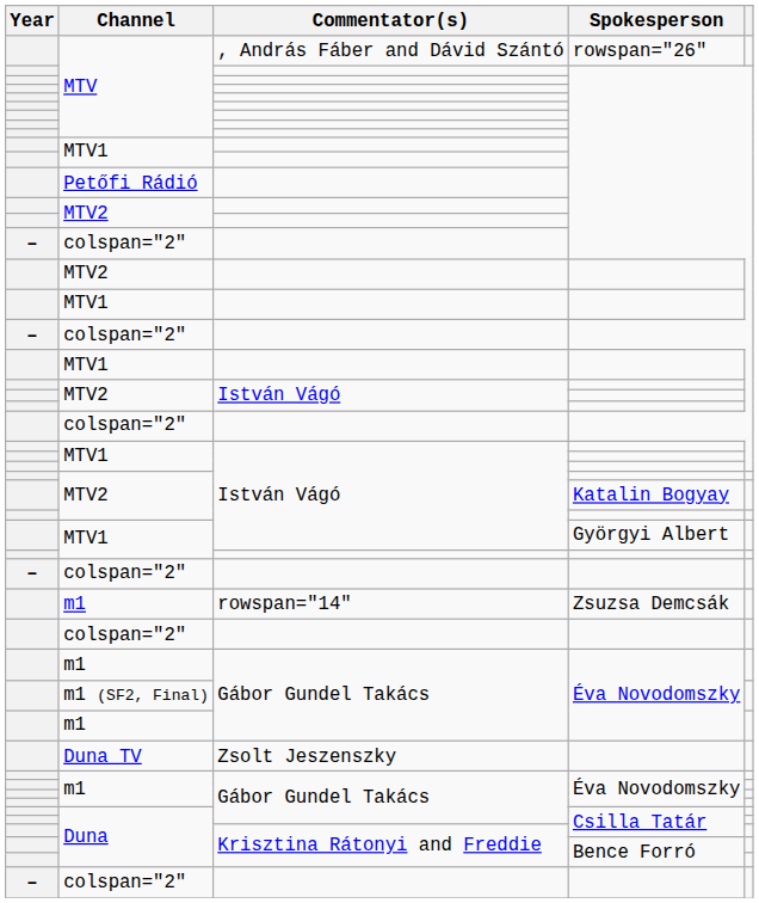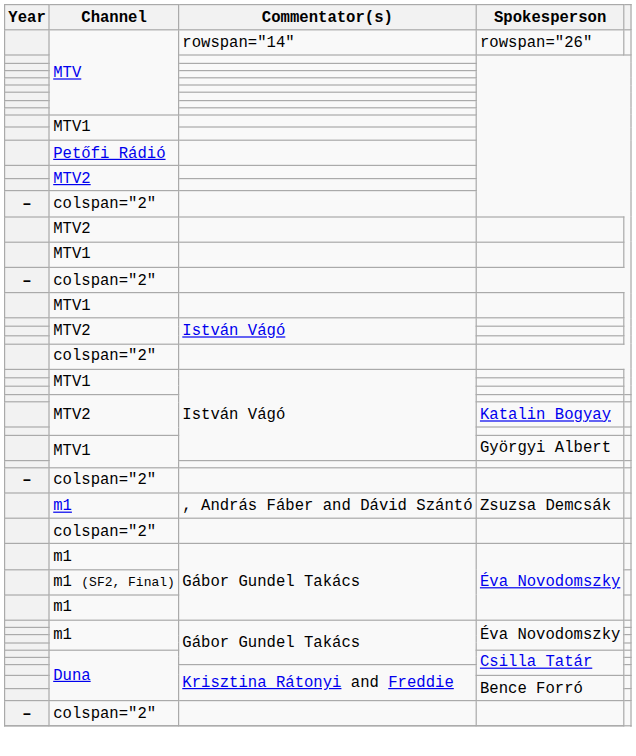 <table class="wikitable plainrowheaders sticky-header">
 <tr>
 <th>Year</th>
 <th>Channel</th>
 <th>Commentator(s)</th>
 <th>Spokesperson</th>
 <th class="unsortable"></th>
 </tr>
 <tr>
 <th scope="row"></th>
 <td rowspan="9"><a href='#'>MTV</a></td>
-<td>, András Fáber and Dávid Szántó</td>
+<td>rowspan="14" </td>
 <td>rowspan="26" </td>
 <td style="text-align:center"></td>
 </tr>
 <tr>
 <th scope="row"></th>
 <td style="text-align:center"></td>
 </tr>
 <tr>
 <th scope="row"></th>
 <td style="text-align:center"></td>
 </tr>
 <tr>
 <th scope="row"></th>
 <td style="text-align:center"></td>
 </tr>
 <tr>
 <th scope="row"></th>
 <td style="text-align:center"></td>
 </tr>
 <tr>
 <th scope="row"></th>
 <td style="text-align:center"></td>
 </tr>
 <tr>
 <th scope="row"></th>
 <td style="text-align:center"></td>
 </tr>
 <tr>
 <th scope="row"></th>
 <td style="text-align:center"></td>
 </tr>
 <tr>
 <th scope="row"></th>
 <td style="text-align:center"></td>
 </tr>
 <tr>
 <th scope="row"></th>
 <td rowspan="2">MTV1</td>
 <td style="text-align:center"></td>
 </tr>
 <tr>
 <th scope="row"></th>
 <td style="text-align:center"></td>
 </tr>
 <tr>
 <th scope="row"></th>
 <td><a href='#'>Petőfi Rádió</a></td>
 <td style="text-align:center"></td>
 </tr>
 <tr>
 <th scope="row"></th>
 <td rowspan="2"><a href='#'>MTV2</a></td>
 <td style="text-align:center"></td>
 </tr>
 <tr>
 <th scope="row"></th>
 <td style="text-align:center"></td>
 </tr>
 <tr>
 <th scope="row">–</th>
 <td>colspan="2" </td>
 <td></td>
 </tr>
 <tr>
 <th scope="row"></th>
 <td>MTV2</td>
 <td></td>
 <td style="text-align:center"></td>
 </tr>
 <tr>
 <th scope="row"></th>
 <td>MTV1</td>
 <td></td>
 <td style="text-align:center"></td>
 </tr>
 <tr>
 <th scope="row">–</th>
 <td>colspan="2" </td>
 <td></td>
 </tr>
 <tr>
 <th scope="row"></th>
 <td>MTV1</td>
 <td></td>
 <td style="text-align:center"></td>
 </tr>
 <tr>
 <th scope="row"></th>
 <td rowspan="3">MTV2</td>
 <td rowspan="3"><a href='#'>István Vágó</a></td>
 <td style="text-align:center"></td>
 </tr>
 <tr>
 <th scope="row"></th>
 <td style="text-align:center"></td>
 </tr>
 <tr>
 <th scope="row"></th>
 <td style="text-align:center"></td>
 </tr>
 <tr>
 <th scope="row"></th>
 <td>colspan="2" </td>
 <td></td>
 </tr>
 <tr>
 <th scope="row"></th>
 <td rowspan="3">MTV1</td>
 <td rowspan="7">István Vágó</td>
 <td style="text-align:center"></td>
 </tr>
 <tr>
 <th scope="row"></th>
 <td style="text-align:center"></td>
 </tr>
 <tr>
 <th scope="row"></th>
 <td style="text-align:center"></td>
 </tr>
 <tr>
 <th scope="row"></th>
 <td rowspan="3">MTV2</td>
 <td></td>
 <td style="text-align:center"></td>
 </tr>
 <tr>
 <th scope="row"></th>
 <td><a href='#'>Katalin Bogyay</a></td>
 <td style="text-align:center"></td>
 </tr>
 <tr>
 <th scope="row"></th>
 <td></td>
 <td style="text-align:center"></td>
 </tr>
 <tr>
 <th scope="row"></th>
 <td rowspan="2">MTV1</td>
 <td>Györgyi Albert</td>
 <td style="text-align:center"></td>
 </tr>
 <tr>
 <th scope="row"></th>
 <td></td>
 <td></td>
 <td style="text-align:center"></td>
 </tr>
 <tr>
 <th scope="row">–</th>
 <td>colspan="2" </td>
 <td></td>
 <td style="text-align:center"></td>
 </tr>
 <tr>
 <th scope="row"></th>
 <td><a href='#'>m1</a></td>
-<td>rowspan="14" </td>
+<td>, András Fáber and Dávid Szántó</td>
 <td>Zsuzsa Demcsák</td>
 <td style="text-align:center"></td>
 </tr>
 <tr>
 <th scope="row"></th>
 <td>colspan="2" </td>
 <td></td>
 <td style="text-align:center"></td>
 </tr>
 <tr>
 <th scope="row"></th>
 <td>m1</td>
 <td rowspan="3">Gábor Gundel Takács</td>
 <td rowspan="3"><a href='#'>Éva Novodomszky</a></td>
 <td style="text-align:center"></td>
 </tr>
 <tr>
 <th scope="row"></th>
 <td>m1 <small>(SF2, Final)</small></td>
 <td style="text-align:center"></td>
 </tr>
 <tr>
 <th scope="row"></th>
 <td>m1</td>
-<td style="text-align:center"></td>
-</tr>
-<tr>
-<th scope="row"></th>
-<td><a href='#'>Duna TV</a></td>
-<td>Zsolt Jeszenszky</td>
-<td></td>
 <td style="text-align:center"></td>
 </tr>
 <tr>
 <th scope="row"></th>
 <td rowspan="4">m1</td>
 <td rowspan="6">Gábor Gundel Takács</td>
 <td rowspan="4">Éva Novodomszky</td>
 <td style="text-align:center"></td>
 </tr>
 <tr>
 <th scope="row"></th>
 <td style="text-align:center"></td>
 </tr>
 <tr>
 <th scope="row"></th>
 <td style="text-align:center"></td>
 </tr>
 <tr>
 <th scope="row"></th>
 <td style="text-align:center"></td>
 </tr>
 <tr>
 <th scope="row"></th>
 <td rowspan="5"><a href='#'>Duna</a></td>
 <td rowspan="3"><a href='#'>Csilla Tatár</a></td>
 <td style="text-align:center"></td>
 </tr>
 <tr>
 <th scope="row"></th>
 <td style="text-align:center"></td>
 </tr>
 <tr>
 <th scope="row"></th>
 <td rowspan="3"><a href='#'>Krisztina Rátonyi</a> and <a href='#'>Freddie</a></td>
 <td style="text-align:center"></td>
 </tr>
 <tr>
 <th scope="row"></th>
 <td rowspan="2">Bence Forró</td>
 <td style="text-align:center"></td>
 </tr>
 <tr>
 <th scope="row"></th>
 <td style="text-align:center"></td>
 </tr>
 <tr>
 <th scope="row">–</th>
 <td>colspan="2" </td>
 <td></td>
 <td style="text-align:center"></td>
 </tr>
 <tr>
 </tr>
 </table>
